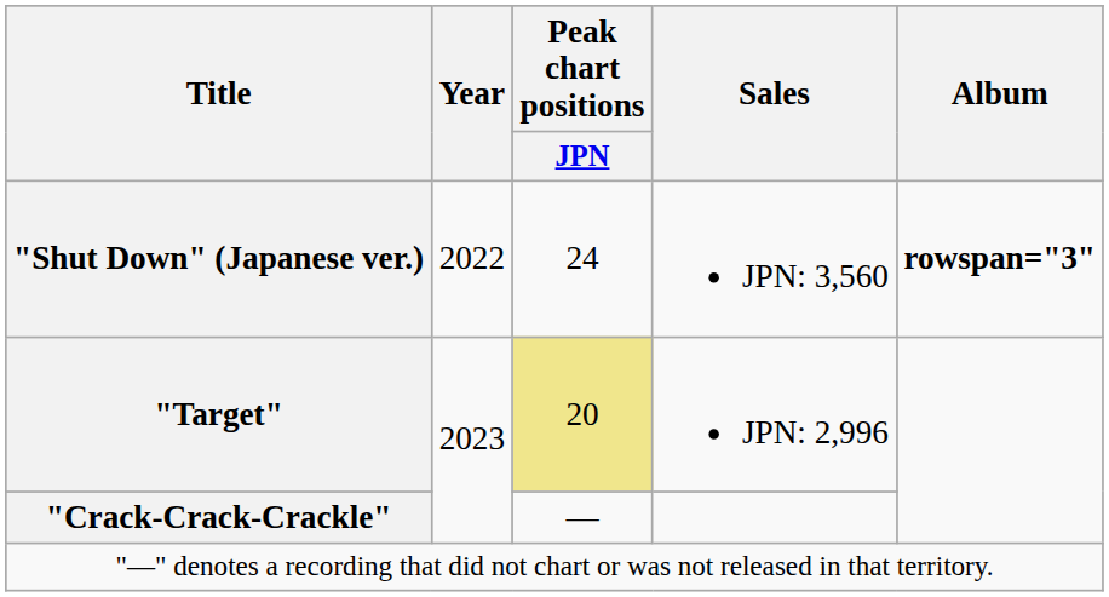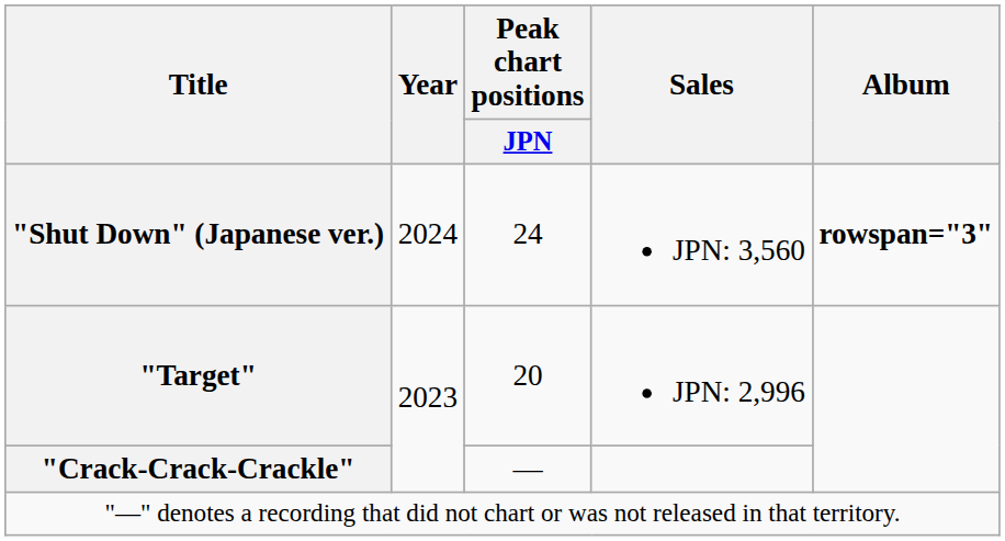 <table class="wikitable plainrowheaders" style="text-align:center">
 <tr>
 <th scope="col" rowspan="2">Title</th>
 <th scope="col" rowspan="2">Year</th>
 <th scope="col">Peak chart positions</th>
 <th scope="col" rowspan="2">Sales</th>
 <th scope="col" rowspan="2">Album</th>
 </tr>
 <tr>
 <th scope="col" style="font-size:90%; width:2.5em"><a href='#'>JPN</a><br></th>
 </tr>
 <tr>
 <th scope="row">"Shut Down" (Japanese ver.)</th>
-<td>2022</td>
+<td>2024</td>
 <td>24</td>
 <td><br><ul><li>JPN: 3,560 </li></ul></td>
 <td><strong>rowspan="3" </strong></td>
 </tr>
 <tr>
 <th scope="row">"Target"</th>
 <td rowspan="2">2023</td>
-<td style="background: khaki;">20</td>
+<td>20</td>
 <td><br><ul><li>JPN: 2,996 </li></ul></td>
 </tr>
 <tr>
 <th scope="row">"Crack-Crack-Crackle"</th>
 <td>—</td>
 <td></td>
 </tr>
 <tr>
 <td colspan="5" style="font-size:85%">"—" denotes a recording that did not chart or was not released in that territory.</td>
 </tr>
 </table>
